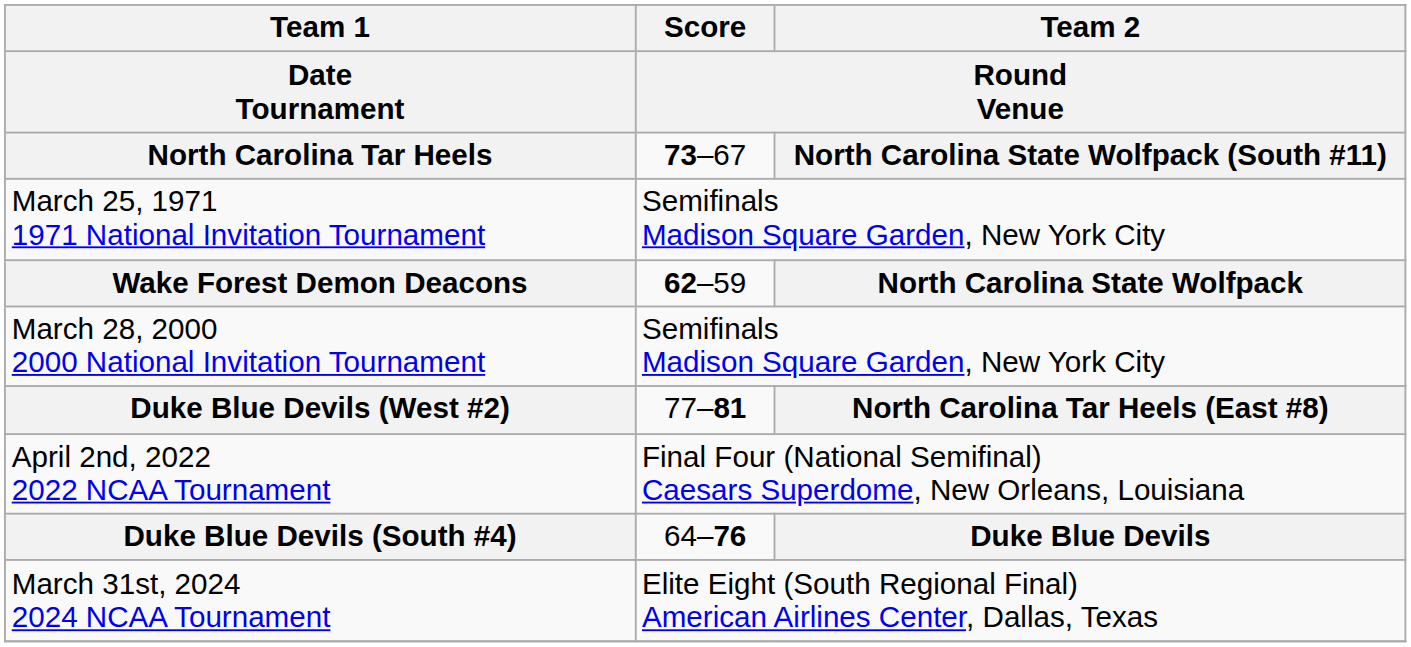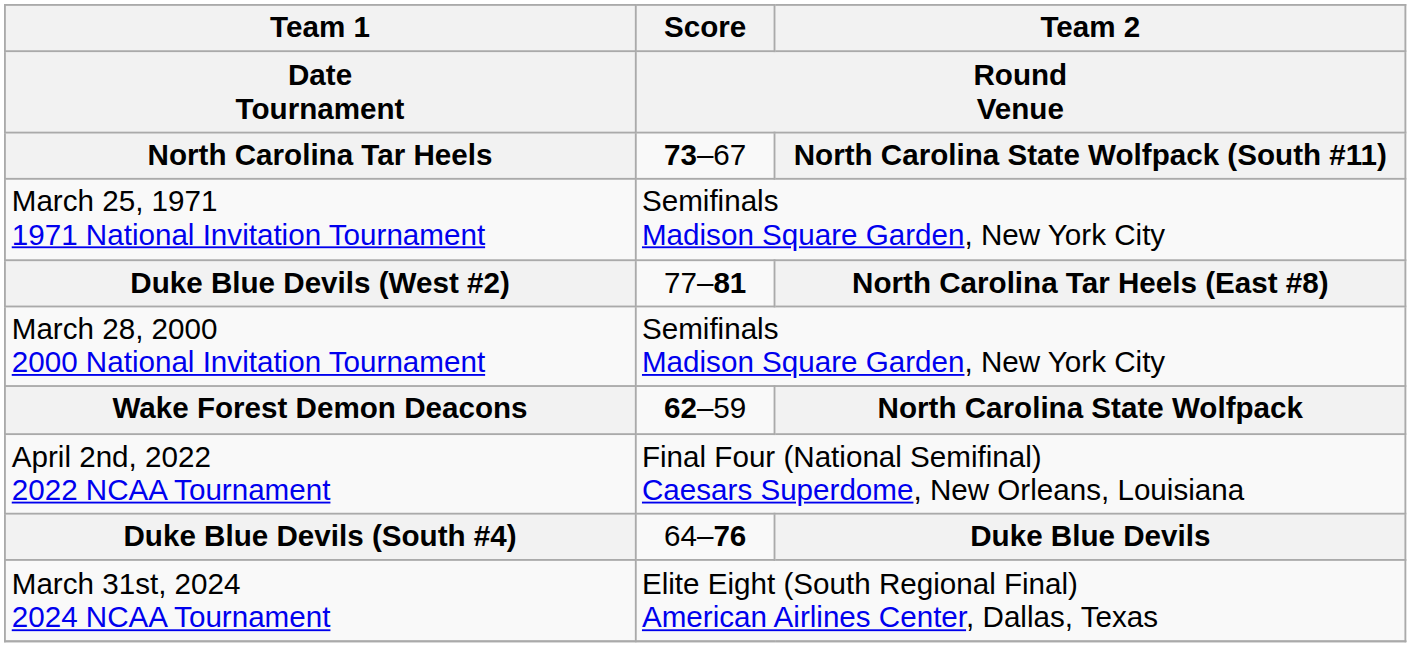 <table class="wikitable">
 <tr>
 <th style="width: 45%;">Team 1</th>
 <th style="width: 10%;">Score</th>
 <th style="width: 45%;">Team 2</th>
 </tr>
 <tr>
 <th style="width: 45%;">Date<br>Tournament</th>
 <th colspan="2">Round<br>Venue</th>
 </tr>
 <tr>
 <th>North Carolina Tar Heels</th>
 <td style="text-align: center;"><strong>73</strong>–67</td>
 <th>North Carolina State Wolfpack (South #11)</th>
 </tr>
 <tr>
 <td>March 25, 1971<br><a href='#'>1971 National Invitation Tournament</a></td>
 <td colspan="2">Semifinals<br><a href='#'>Madison Square Garden</a>, New York City</td>
 </tr>
 <tr>
-<th>Wake Forest Demon Deacons</th>
-<td style="text-align: center;"><strong>62</strong>–59</td>
-<th>North Carolina State Wolfpack</th>
+<th>Duke Blue Devils (West #2)</th>
+<td style="text-align: center;">77–<strong>81</strong></td>
+<th>North Carolina Tar Heels (East #8)</th>
 </tr>
 <tr>
 <td>March 28, 2000<br><a href='#'>2000 National Invitation Tournament</a></td>
 <td colspan="2">Semifinals<br><a href='#'>Madison Square Garden</a>, New York City</td>
 </tr>
 <tr>
-<th>Duke Blue Devils (West #2)</th>
-<td style="text-align: center;">77–<strong>81</strong></td>
-<th>North Carolina Tar Heels (East #8)</th>
+<th>Wake Forest Demon Deacons</th>
+<td style="text-align: center;"><strong>62</strong>–59</td>
+<th>North Carolina State Wolfpack</th>
 </tr>
 <tr>
 <td>April 2nd, 2022<br><a href='#'>2022 NCAA Tournament</a></td>
 <td colspan="2">Final Four (National Semifinal)<br><a href='#'>Caesars Superdome</a>, New Orleans, Louisiana</td>
 </tr>
 <tr>
 <th>Duke Blue Devils (South #4)</th>
 <td style="text-align: center;">64–<strong>76</strong></td>
 <th>Duke Blue Devils</th>
 </tr>
 <tr>
 <td>March 31st, 2024<br><a href='#'>2024 NCAA Tournament</a></td>
 <td colspan="2">Elite Eight (South Regional Final)<br><a href='#'>American Airlines Center</a>, Dallas, Texas</td>
 </tr>
 <tr>
 </tr>
 </table>
